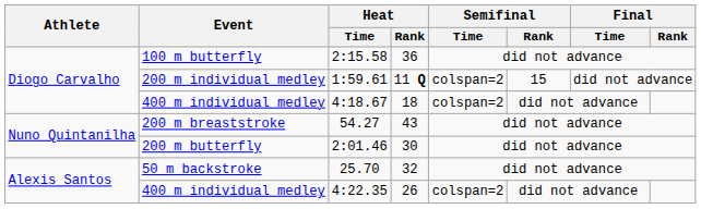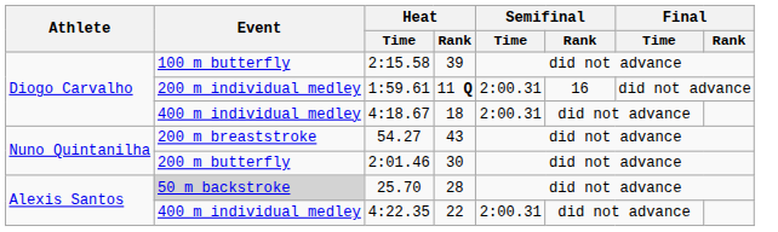 <table class=wikitable style="font-size:90%">
 <tr>
 <th rowspan="2">Athlete</th>
 <th rowspan="2">Event</th>
 <th colspan="2">Heat</th>
 <th colspan="2">Semifinal</th>
 <th colspan="2">Final</th>
 </tr>
 <tr style="font-size:95%">
 <th>Time</th>
 <th>Rank</th>
 <th>Time</th>
 <th>Rank</th>
 <th>Time</th>
 <th>Rank</th>
 </tr>
 <tr align=center>
 <td align=left rowspan=3><a href='#'>Diogo Carvalho</a></td>
 <td align=left><a href='#'>100 m butterfly</a></td>
 <td>2:15.58</td>
-<td>36</td>
+<td>39</td>
 <td colspan=4>did not advance</td>
 </tr>
 <tr align=center>
 <td align=left><a href='#'>200 m individual medley</a></td>
 <td>1:59.61</td>
 <td>11 <strong>Q</strong></td>
-<td>colspan=2 </td>
-<td>15</td>
+<td>2:00.31</td>
+<td>16</td>
 <td colspan=2>did not advance</td>
 </tr>
 <tr align=center>
 <td align=left><a href='#'>400 m individual medley</a></td>
 <td>4:18.67</td>
 <td>18</td>
-<td>colspan=2 </td>
+<td>2:00.31</td>
 <td colspan=2>did not advance</td>
 </tr>
 <tr align=center>
 <td align=left rowspan=2><a href='#'>Nuno Quintanilha</a></td>
 <td align=left><a href='#'>200 m breaststroke</a></td>
 <td>54.27</td>
 <td>43</td>
 <td colspan=4>did not advance</td>
 </tr>
 <tr align=center>
 <td align=left><a href='#'>200 m butterfly</a></td>
 <td>2:01.46</td>
 <td>30</td>
 <td colspan=4>did not advance</td>
 </tr>
 <tr align=center>
 <td align=left rowspan=2><a href='#'>Alexis Santos</a></td>
-<td align=left><a href='#'>50 m backstroke</a></td>
+<td align=left style="background: lightgrey;"><a href='#'>50 m backstroke</a></td>
 <td>25.70</td>
-<td>32</td>
+<td>28</td>
 <td colspan=4>did not advance</td>
 </tr>
 <tr align=center>
 <td align=left><a href='#'>400 m individual medley</a></td>
 <td>4:22.35</td>
-<td>26</td>
-<td>colspan=2 </td>
+<td>22</td>
+<td>2:00.31</td>
 <td colspan=2>did not advance</td>
 </tr>
 </table>
